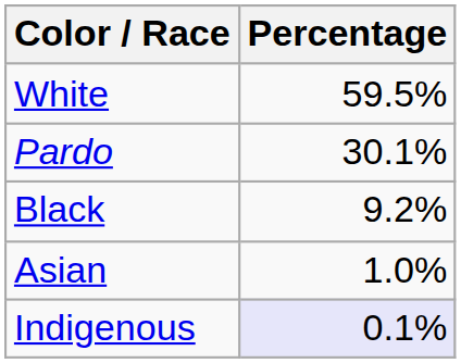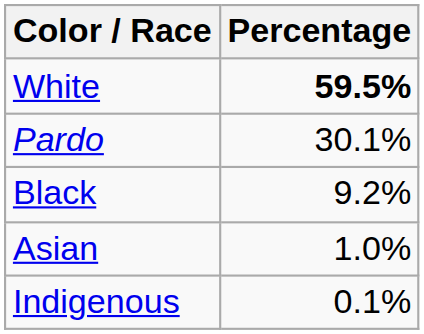 <table class="wikitable">
 <tr>
 <th>Color / Race</th>
 <th align="right">Percentage</th>
 </tr>
 <tr>
 <td><a href='#'>White</a></td>
-<td align="right">59.5%</td>
+<td align="right"><strong>59.5%</strong></td>
 </tr>
 <tr>
 <td><em><a href='#'>Pardo</a></em></td>
 <td align="right">30.1%</td>
 </tr>
 <tr>
 <td><a href='#'>Black</a></td>
 <td align="right">9.2%</td>
 </tr>
 <tr>
 <td><a href='#'>Asian</a></td>
 <td align="right">1.0%</td>
 </tr>
 <tr>
 <td><a href='#'>Indigenous</a></td>
-<td align="right" style="background: lavender;">0.1%</td>
+<td align="right">0.1%</td>
 </tr>
 </table>
